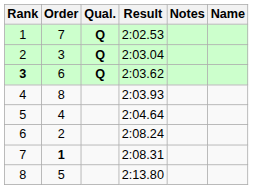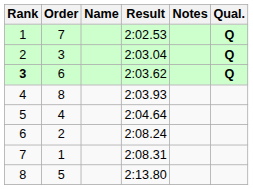 <table class="wikitable sortable" style="text-align:center">
 <tr>
 <th>Rank</th>
 <th>Order</th>
-<th>Qual.</th>
+<th>Name</th>
 <th>Result</th>
 <th>Notes</th>
-<th>Name</th>
+<th>Qual.</th>
 </tr>
 <tr style="background:#cfc;">
 <td>1</td>
 <td>7</td>
-<td><strong>Q</strong></td>
+<td align="left"></td>
 <td>2:02.53</td>
 <td></td>
-<td align="left"></td>
+<td><strong>Q</strong></td>
 </tr>
 <tr style="background:#cfc;">
 <td>2</td>
 <td>3</td>
-<td><strong>Q</strong></td>
+<td align="left"></td>
 <td>2:03.04</td>
 <td></td>
-<td align="left"></td>
+<td><strong>Q</strong></td>
 </tr>
 <tr style="background:#cfc;">
 <td><strong>3</strong></td>
 <td>6</td>
-<td><strong>Q</strong></td>
+<td align="left"></td>
 <td>2:03.62</td>
 <td></td>
-<td align="left"></td>
+<td><strong>Q</strong></td>
 </tr>
 <tr>
 <td>4</td>
 <td>8</td>
-<td></td>
+<td align="left"></td>
 <td>2:03.93</td>
 <td></td>
-<td align="left"></td>
+<td></td>
 </tr>
 <tr>
 <td>5</td>
 <td>4</td>
-<td></td>
+<td align="left"></td>
 <td>2:04.64</td>
 <td></td>
-<td align="left"></td>
+<td></td>
 </tr>
 <tr>
 <td>6</td>
 <td>2</td>
-<td></td>
+<td align="left"></td>
 <td>2:08.24</td>
 <td></td>
-<td align="left"></td>
+<td></td>
 </tr>
 <tr>
 <td>7</td>
-<td><strong>1</strong></td>
-<td></td>
+<td>1</td>
+<td align="left"></td>
 <td>2:08.31</td>
 <td></td>
-<td align="left"></td>
+<td></td>
 </tr>
 <tr>
 <td>8</td>
 <td>5</td>
-<td></td>
+<td align="left"></td>
 <td>2:13.80</td>
 <td></td>
-<td align="left"></td>
+<td></td>
 </tr>
 </table>
